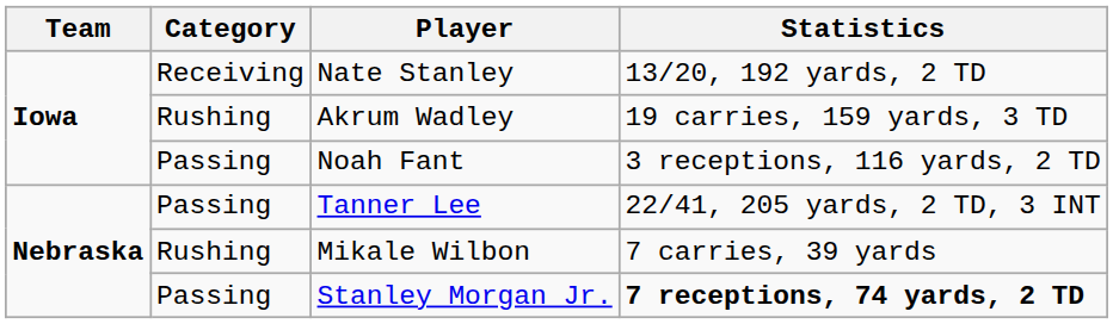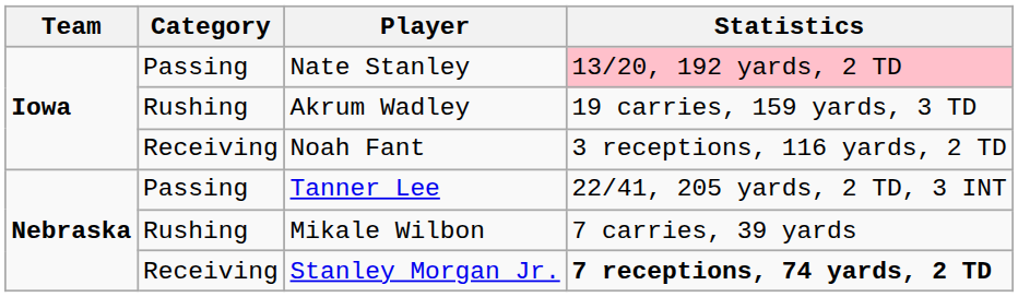 <table class="wikitable" style="float: left;">
 <tr>
 <th>Team</th>
 <th>Category</th>
 <th>Player</th>
 <th>Statistics</th>
 </tr>
 <tr>
 <td rowspan=3><strong>Iowa</strong></td>
-<td>Receiving</td>
+<td>Passing</td>
 <td>Nate Stanley</td>
-<td>13/20, 192 yards, 2 TD</td>
+<td style="background: pink;">13/20, 192 yards, 2 TD</td>
 </tr>
 <tr>
 <td>Rushing</td>
 <td>Akrum Wadley</td>
 <td>19 carries, 159 yards, 3 TD</td>
 </tr>
 <tr>
-<td>Passing</td>
+<td>Receiving</td>
 <td>Noah Fant</td>
 <td>3 receptions, 116 yards, 2 TD</td>
 </tr>
 <tr>
 <td rowspan=3><strong>Nebraska</strong></td>
 <td>Passing</td>
 <td><a href='#'>Tanner Lee</a></td>
 <td>22/41, 205 yards, 2 TD, 3 INT</td>
 </tr>
 <tr>
 <td>Rushing</td>
 <td>Mikale Wilbon</td>
 <td>7 carries, 39 yards</td>
 </tr>
 <tr>
-<td>Passing</td>
+<td>Receiving</td>
 <td><a href='#'>Stanley Morgan Jr.</a></td>
 <td><strong>7 receptions, 74 yards, 2 TD</strong></td>
 </tr>
 </table>
